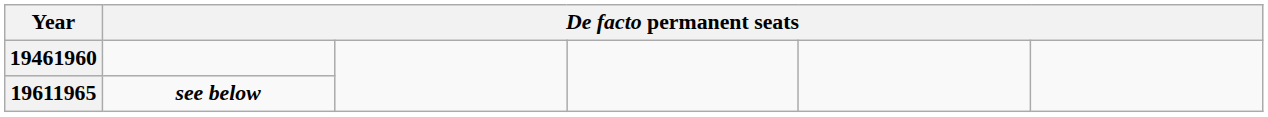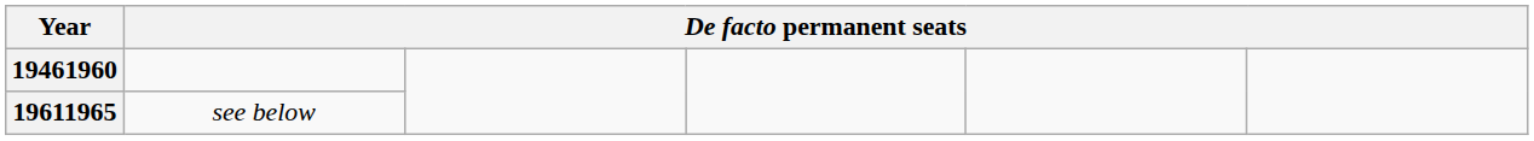 <table class="wikitable" style="text-align: center; font-size:92%;">
 <tr>
 <th>Year</th>
 <th colspan="5"><em>De facto</em> permanent seats</th>
 </tr>
 <tr>
 <th>19461960</th>
 <td width="150"></td>
 <td rowspan="2" width="150"></td>
 <td rowspan="2" width="150"></td>
 <td rowspan="2" width="150"></td>
 <td rowspan="2" width="150"></td>
 </tr>
 <tr>
 <th>19611965</th>
-<td width="150"><strong><em>see below</em></strong></td>
+<td width="150"><em>see below</em></td>
 </tr>
 </table>
